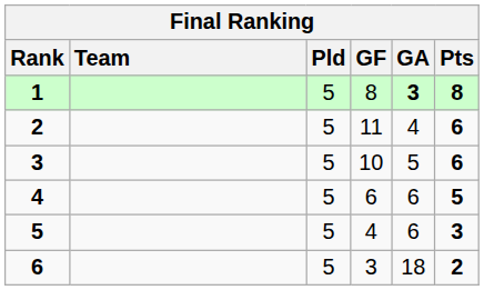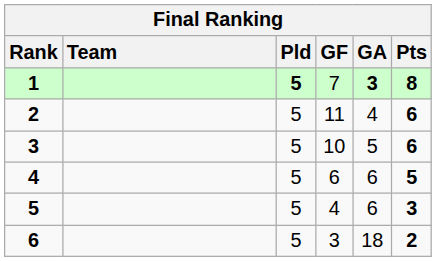 <table class="wikitable" style="text-align: center;">
 <tr>
 <th colspan=6>Final Ranking</th>
 </tr>
 <tr>
 <th width=30>Rank</th>
 <th width=165 style="text-align:left;">Team</th>
 <th width=20>Pld</th>
 <th width=20>GF</th>
 <th width=20>GA</th>
 <th width=20>Pts</th>
 </tr>
 <tr style="background:#ccffcc;">
 <td><strong>1</strong></td>
 <td style="text-align:left;"></td>
-<td>5</td>
-<td>8</td>
+<td><strong>5</strong></td>
+<td>7</td>
 <td><strong>3</strong></td>
 <td><strong>8</strong></td>
 </tr>
 <tr>
 <td><strong>2</strong></td>
 <td style="text-align:left;"></td>
 <td>5</td>
 <td>11</td>
 <td>4</td>
 <td><strong>6</strong></td>
 </tr>
 <tr>
 <td><strong>3</strong></td>
 <td style="text-align:left;"></td>
 <td>5</td>
 <td>10</td>
 <td>5</td>
 <td><strong>6</strong></td>
 </tr>
 <tr>
 <td><strong>4</strong></td>
 <td style="text-align:left;"></td>
 <td>5</td>
 <td>6</td>
 <td>6</td>
 <td><strong>5</strong></td>
 </tr>
 <tr>
 <td><strong>5</strong></td>
 <td style="text-align:left;"></td>
 <td>5</td>
 <td>4</td>
 <td>6</td>
 <td><strong>3</strong></td>
 </tr>
 <tr>
 <td><strong>6</strong></td>
 <td style="text-align:left;"></td>
 <td>5</td>
 <td>3</td>
 <td>18</td>
 <td><strong>2</strong></td>
 </tr>
 </table>
